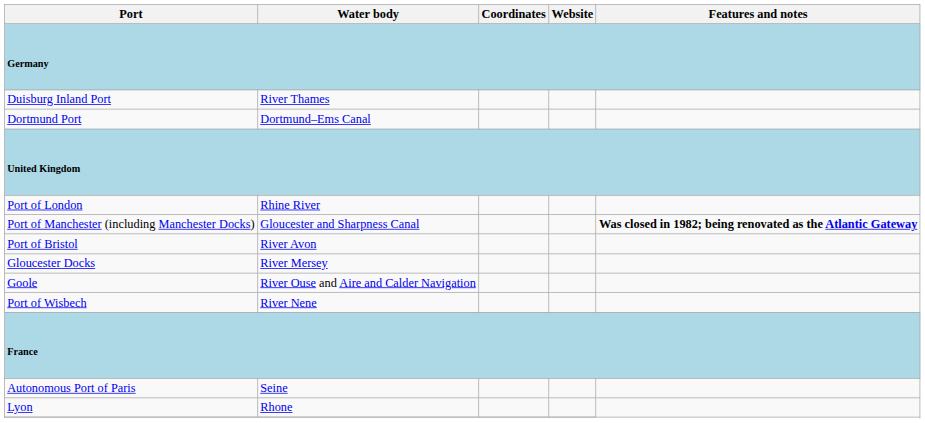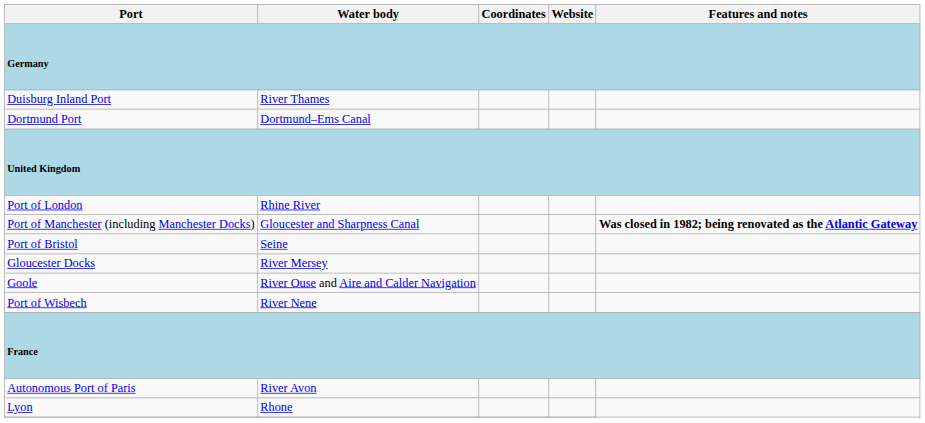 <table class="wikitable" border:1; cellpadding:0; cellspacing:0; vertical-align:top; align:left"|>
 <tr>
 <th bgcolor="lightblue">Port</th>
 <th bgcolor="lightblue">Water body</th>
 <th bgcolor="lightblue">Coordinates</th>
 <th bgcolor="lightblue">Website</th>
 <th bgcolor="lightblue">Features and notes</th>
 </tr>
 <tr>
 <td bgcolor="lightblue" colspan="6"><br><h5>Germany</h5></td>
 </tr>
 <tr>
 <td><a href='#'>Duisburg Inland Port</a></td>
 <td><a href='#'>River Thames</a></td>
 <td></td>
 <td></td>
 <td></td>
 </tr>
 <tr>
 <td><a href='#'>Dortmund Port</a></td>
 <td><a href='#'>Dortmund–Ems Canal</a></td>
 <td></td>
 <td></td>
 </tr>
 <tr>
 <td bgcolor="lightblue" colspan="6"><br><h5>United Kingdom</h5></td>
 </tr>
 <tr>
 <td><a href='#'>Port of London</a></td>
 <td><a href='#'>Rhine River</a></td>
 <td></td>
 <td></td>
 <td></td>
 </tr>
 <tr>
 <td><a href='#'>Port of Manchester</a> (including <a href='#'>Manchester Docks</a>)</td>
 <td><a href='#'>Gloucester and Sharpness Canal</a></td>
 <td></td>
 <td></td>
 <td><strong>Was closed in 1982; being renovated as the <a href='#'>Atlantic Gateway</a></strong></td>
 </tr>
 <tr>
 <td><a href='#'>Port of Bristol</a></td>
-<td><a href='#'>River Avon</a></td>
+<td><a href='#'>Seine</a></td>
 <td></td>
 <td></td>
 <td></td>
 </tr>
 <tr>
 <td><a href='#'>Gloucester Docks</a></td>
 <td><a href='#'>River Mersey</a></td>
 <td></td>
 <td></td>
 <td></td>
 </tr>
 <tr>
 <td><a href='#'>Goole</a></td>
 <td><a href='#'>River Ouse</a> and <a href='#'>Aire and Calder Navigation</a></td>
 <td></td>
 <td></td>
 <td></td>
 </tr>
 <tr>
 <td><a href='#'>Port of Wisbech</a></td>
 <td><a href='#'>River Nene</a></td>
 <td></td>
 <td></td>
 </tr>
 <tr>
 <td bgcolor="lightblue" colspan="6"><br><h5>France</h5></td>
 </tr>
 <tr>
 <td><a href='#'>Autonomous Port of Paris</a></td>
-<td><a href='#'>Seine</a></td>
+<td><a href='#'>River Avon</a></td>
 <td></td>
 <td></td>
 <td></td>
 </tr>
 <tr>
 <td><a href='#'>Lyon</a></td>
 <td><a href='#'>Rhone</a></td>
 <td></td>
 <td></td>
 </tr>
 <tr>
 </tr>
 </table>
